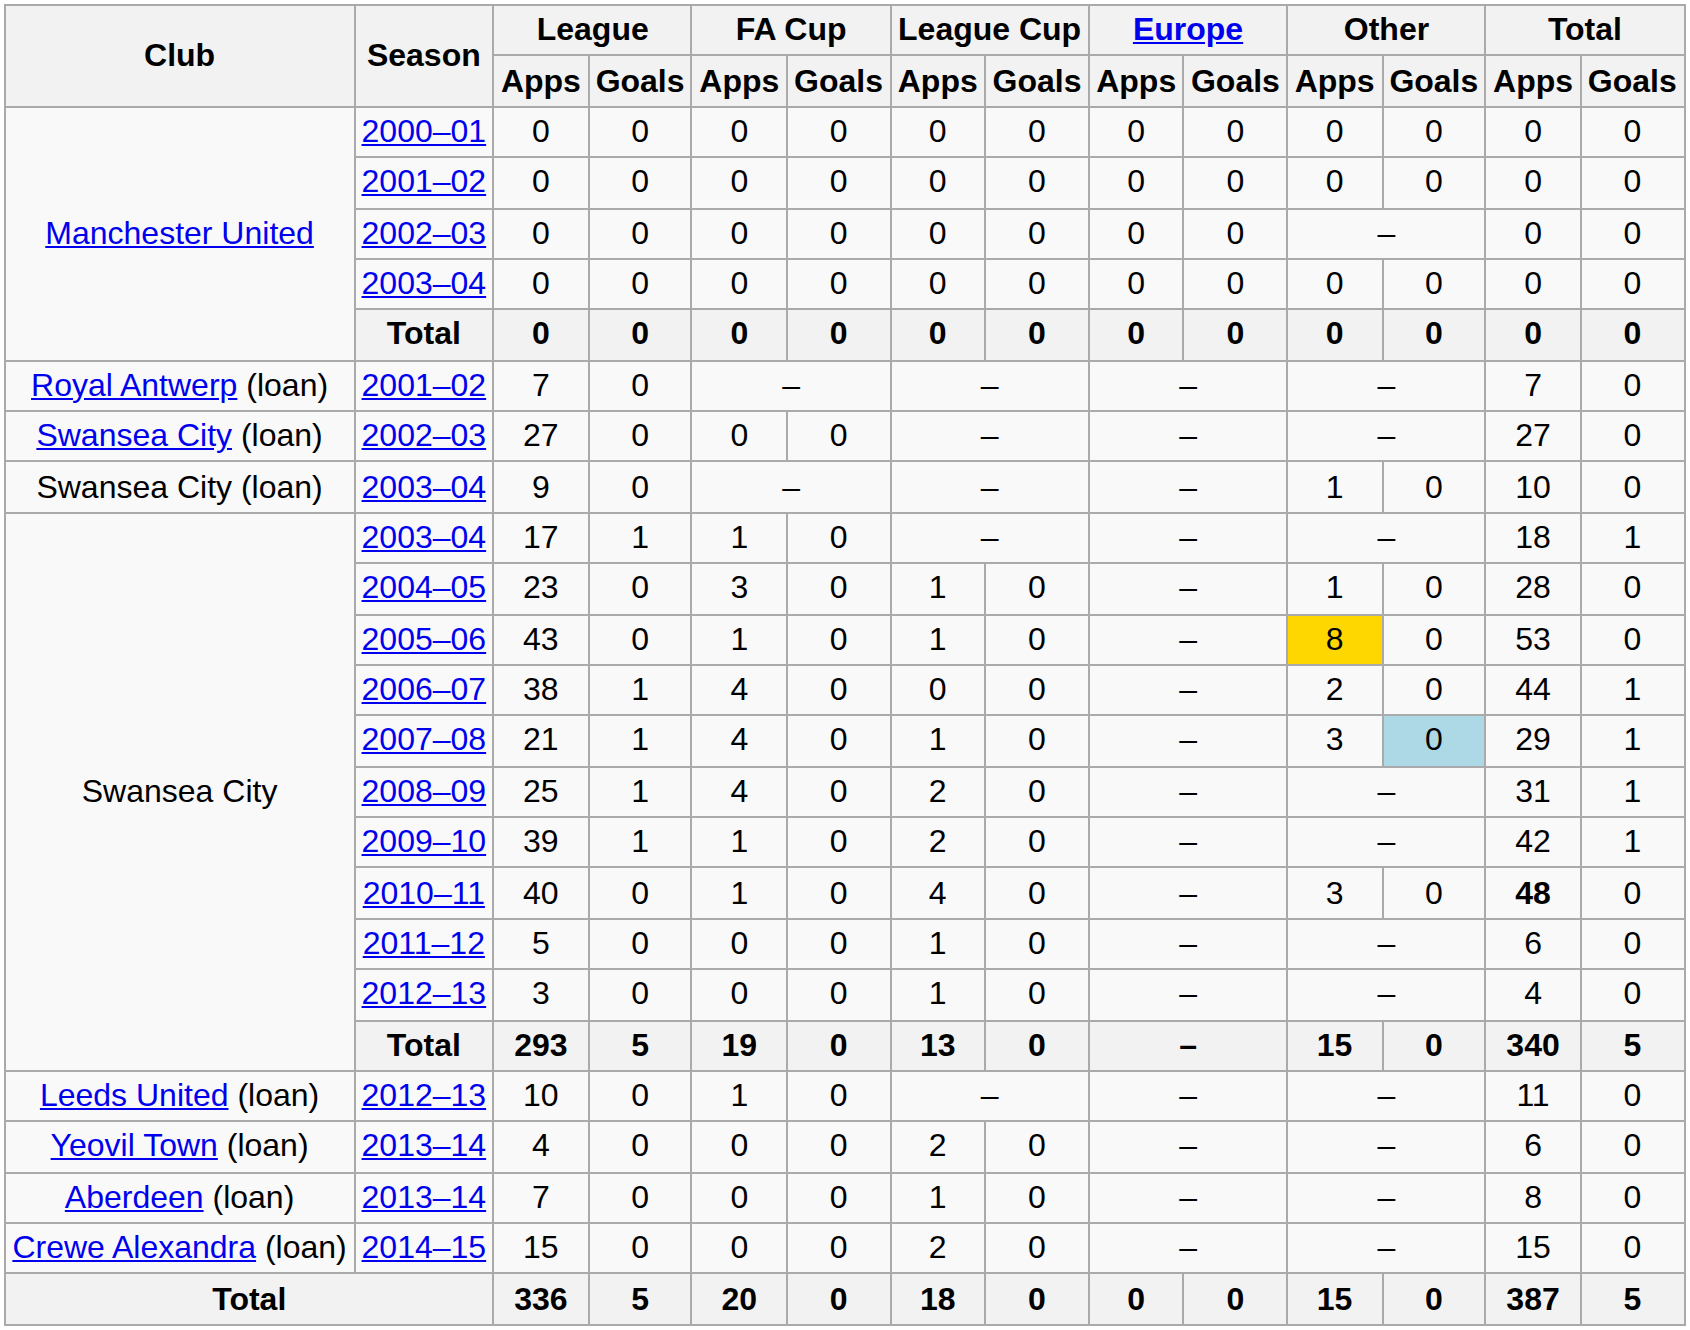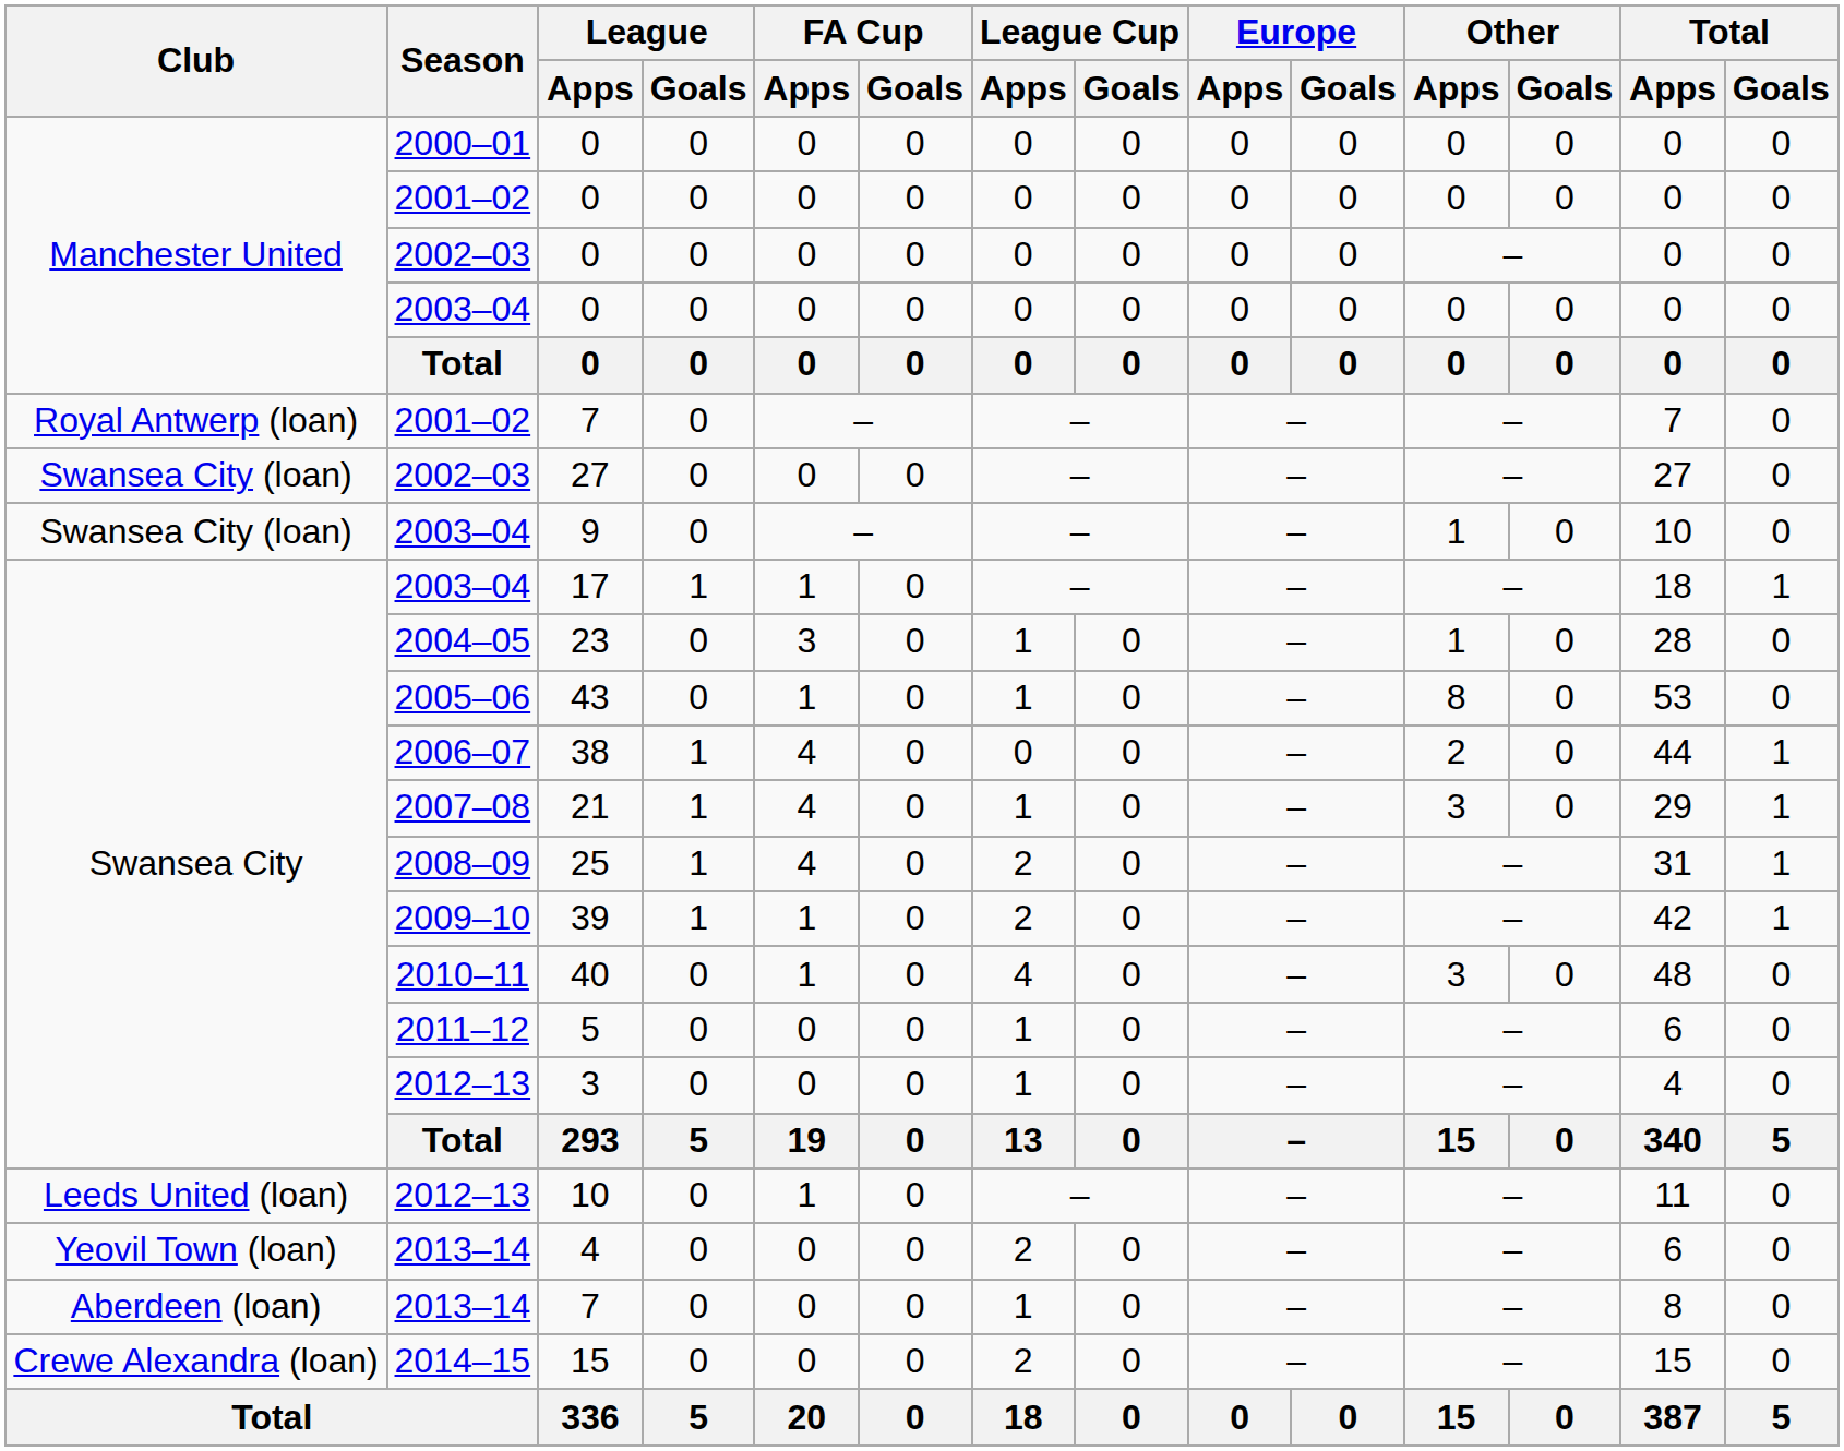 <table class="wikitable" style="text-align:center">
 <tr>
 <th rowspan="2">Club</th>
 <th rowspan="2">Season</th>
 <th colspan="2">League</th>
 <th colspan="2">FA Cup</th>
 <th colspan="2">League Cup</th>
 <th colspan="2"><a href='#'>Europe</a></th>
 <th colspan="2">Other</th>
 <th colspan="2">Total</th>
 </tr>
 <tr>
 <th>Apps</th>
 <th>Goals</th>
 <th>Apps</th>
 <th>Goals</th>
 <th>Apps</th>
 <th>Goals</th>
 <th>Apps</th>
 <th>Goals</th>
 <th>Apps</th>
 <th>Goals</th>
 <th>Apps</th>
 <th>Goals</th>
 </tr>
 <tr>
 <td rowspan="5"><a href='#'>Manchester United</a></td>
 <td><a href='#'>2000–01</a></td>
 <td>0</td>
 <td>0</td>
 <td>0</td>
 <td>0</td>
 <td>0</td>
 <td>0</td>
 <td>0</td>
 <td>0</td>
 <td>0</td>
 <td>0</td>
 <td>0</td>
 <td>0</td>
 </tr>
 <tr>
 <td><a href='#'>2001–02</a></td>
 <td>0</td>
 <td>0</td>
 <td>0</td>
 <td>0</td>
 <td>0</td>
 <td>0</td>
 <td>0</td>
 <td>0</td>
 <td>0</td>
 <td>0</td>
 <td>0</td>
 <td>0</td>
 </tr>
 <tr>
 <td><a href='#'>2002–03</a></td>
 <td>0</td>
 <td>0</td>
 <td>0</td>
 <td>0</td>
 <td>0</td>
 <td>0</td>
 <td>0</td>
 <td>0</td>
 <td colspan="2">–</td>
 <td>0</td>
 <td>0</td>
 </tr>
 <tr>
 <td><a href='#'>2003–04</a></td>
 <td>0</td>
 <td>0</td>
 <td>0</td>
 <td>0</td>
 <td>0</td>
 <td>0</td>
 <td>0</td>
 <td>0</td>
 <td>0</td>
 <td>0</td>
 <td>0</td>
 <td>0</td>
 </tr>
 <tr>
 <th>Total</th>
 <th>0</th>
 <th>0</th>
 <th>0</th>
 <th>0</th>
 <th>0</th>
 <th>0</th>
 <th>0</th>
 <th>0</th>
 <th>0</th>
 <th>0</th>
 <th>0</th>
 <th>0</th>
 </tr>
 <tr>
 <td><a href='#'>Royal Antwerp</a> (loan)</td>
 <td><a href='#'>2001–02</a></td>
 <td>7</td>
 <td>0</td>
 <td colspan="2">–</td>
 <td colspan="2">–</td>
 <td colspan="2">–</td>
 <td colspan="2">–</td>
 <td>7</td>
 <td>0</td>
 </tr>
 <tr>
 <td><a href='#'>Swansea City</a> (loan)</td>
 <td><a href='#'>2002–03</a></td>
 <td>27</td>
 <td>0</td>
 <td>0</td>
 <td>0</td>
 <td colspan="2">–</td>
 <td colspan="2">–</td>
 <td colspan="2">–</td>
 <td>27</td>
 <td>0</td>
 </tr>
 <tr>
 <td>Swansea City (loan)</td>
 <td><a href='#'>2003–04</a></td>
 <td>9</td>
 <td>0</td>
 <td colspan="2">–</td>
 <td colspan="2">–</td>
 <td colspan="2">–</td>
 <td>1</td>
 <td>0</td>
 <td>10</td>
 <td>0</td>
 </tr>
 <tr>
 <td rowspan="11">Swansea City</td>
 <td><a href='#'>2003–04</a></td>
 <td>17</td>
 <td>1</td>
 <td>1</td>
 <td>0</td>
 <td colspan="2">–</td>
 <td colspan="2">–</td>
 <td colspan="2">–</td>
 <td>18</td>
 <td>1</td>
 </tr>
 <tr>
 <td><a href='#'>2004–05</a></td>
 <td>23</td>
 <td>0</td>
 <td>3</td>
 <td>0</td>
 <td>1</td>
 <td>0</td>
 <td colspan="2">–</td>
 <td>1</td>
 <td>0</td>
 <td>28</td>
 <td>0</td>
 </tr>
 <tr>
 <td><a href='#'>2005–06</a></td>
 <td>43</td>
 <td>0</td>
 <td>1</td>
 <td>0</td>
 <td>1</td>
 <td>0</td>
 <td colspan="2">–</td>
-<td style="background: gold;">8</td>
+<td>8</td>
 <td>0</td>
 <td>53</td>
 <td>0</td>
 </tr>
 <tr>
 <td><a href='#'>2006–07</a></td>
 <td>38</td>
 <td>1</td>
 <td>4</td>
 <td>0</td>
 <td>0</td>
 <td>0</td>
 <td colspan="2">–</td>
 <td>2</td>
 <td>0</td>
 <td>44</td>
 <td>1</td>
 </tr>
 <tr>
 <td><a href='#'>2007–08</a></td>
 <td>21</td>
 <td>1</td>
 <td>4</td>
 <td>0</td>
 <td>1</td>
 <td>0</td>
 <td colspan="2">–</td>
 <td>3</td>
-<td style="background: lightblue;">0</td>
+<td>0</td>
 <td>29</td>
 <td>1</td>
 </tr>
 <tr>
 <td><a href='#'>2008–09</a></td>
 <td>25</td>
 <td>1</td>
 <td>4</td>
 <td>0</td>
 <td>2</td>
 <td>0</td>
 <td colspan="2">–</td>
 <td colspan="2">–</td>
 <td>31</td>
 <td>1</td>
 </tr>
 <tr>
 <td><a href='#'>2009–10</a></td>
 <td>39</td>
 <td>1</td>
 <td>1</td>
 <td>0</td>
 <td>2</td>
 <td>0</td>
 <td colspan="2">–</td>
 <td colspan="2">–</td>
 <td>42</td>
 <td>1</td>
 </tr>
 <tr>
 <td><a href='#'>2010–11</a></td>
 <td>40</td>
 <td>0</td>
 <td>1</td>
 <td>0</td>
 <td>4</td>
 <td>0</td>
 <td colspan="2">–</td>
 <td>3</td>
 <td>0</td>
-<td><strong>48</strong></td>
+<td>48</td>
 <td>0</td>
 </tr>
 <tr>
 <td><a href='#'>2011–12</a></td>
 <td>5</td>
 <td>0</td>
 <td>0</td>
 <td>0</td>
 <td>1</td>
 <td>0</td>
 <td colspan="2">–</td>
 <td colspan="2">–</td>
 <td>6</td>
 <td>0</td>
 </tr>
 <tr>
 <td><a href='#'>2012–13</a></td>
 <td>3</td>
 <td>0</td>
 <td>0</td>
 <td>0</td>
 <td>1</td>
 <td>0</td>
 <td colspan="2">–</td>
 <td colspan="2">–</td>
 <td>4</td>
 <td>0</td>
 </tr>
 <tr>
 <th>Total</th>
 <th>293</th>
 <th>5</th>
 <th>19</th>
 <th>0</th>
 <th>13</th>
 <th>0</th>
 <th colspan="2">–</th>
 <th>15</th>
 <th>0</th>
 <th>340</th>
 <th>5</th>
 </tr>
 <tr>
 <td><a href='#'>Leeds United</a> (loan)</td>
 <td><a href='#'>2012–13</a></td>
 <td>10</td>
 <td>0</td>
 <td>1</td>
 <td>0</td>
 <td colspan="2">–</td>
 <td colspan="2">–</td>
 <td colspan="2">–</td>
 <td>11</td>
 <td>0</td>
 </tr>
 <tr>
 <td><a href='#'>Yeovil Town</a> (loan)</td>
 <td><a href='#'>2013–14</a></td>
 <td>4</td>
 <td>0</td>
 <td>0</td>
 <td>0</td>
 <td>2</td>
 <td>0</td>
 <td colspan="2">–</td>
 <td colspan="2">–</td>
 <td>6</td>
 <td>0</td>
 </tr>
 <tr>
 <td><a href='#'>Aberdeen</a> (loan)</td>
 <td><a href='#'>2013–14</a></td>
 <td>7</td>
 <td>0</td>
 <td>0</td>
 <td>0</td>
 <td>1</td>
 <td>0</td>
 <td colspan="2">–</td>
 <td colspan="2">–</td>
 <td>8</td>
 <td>0</td>
 </tr>
 <tr>
 <td><a href='#'>Crewe Alexandra</a> (loan)</td>
 <td><a href='#'>2014–15</a></td>
 <td>15</td>
 <td>0</td>
 <td>0</td>
 <td>0</td>
 <td>2</td>
 <td>0</td>
 <td colspan="2">–</td>
 <td colspan="2">–</td>
 <td>15</td>
 <td>0</td>
 </tr>
 <tr>
 <th colspan="2">Total</th>
 <th>336</th>
 <th>5</th>
 <th>20</th>
 <th>0</th>
 <th>18</th>
 <th>0</th>
 <th>0</th>
 <th>0</th>
 <th>15</th>
 <th>0</th>
 <th>387</th>
 <th>5</th>
 </tr>
 </table>
